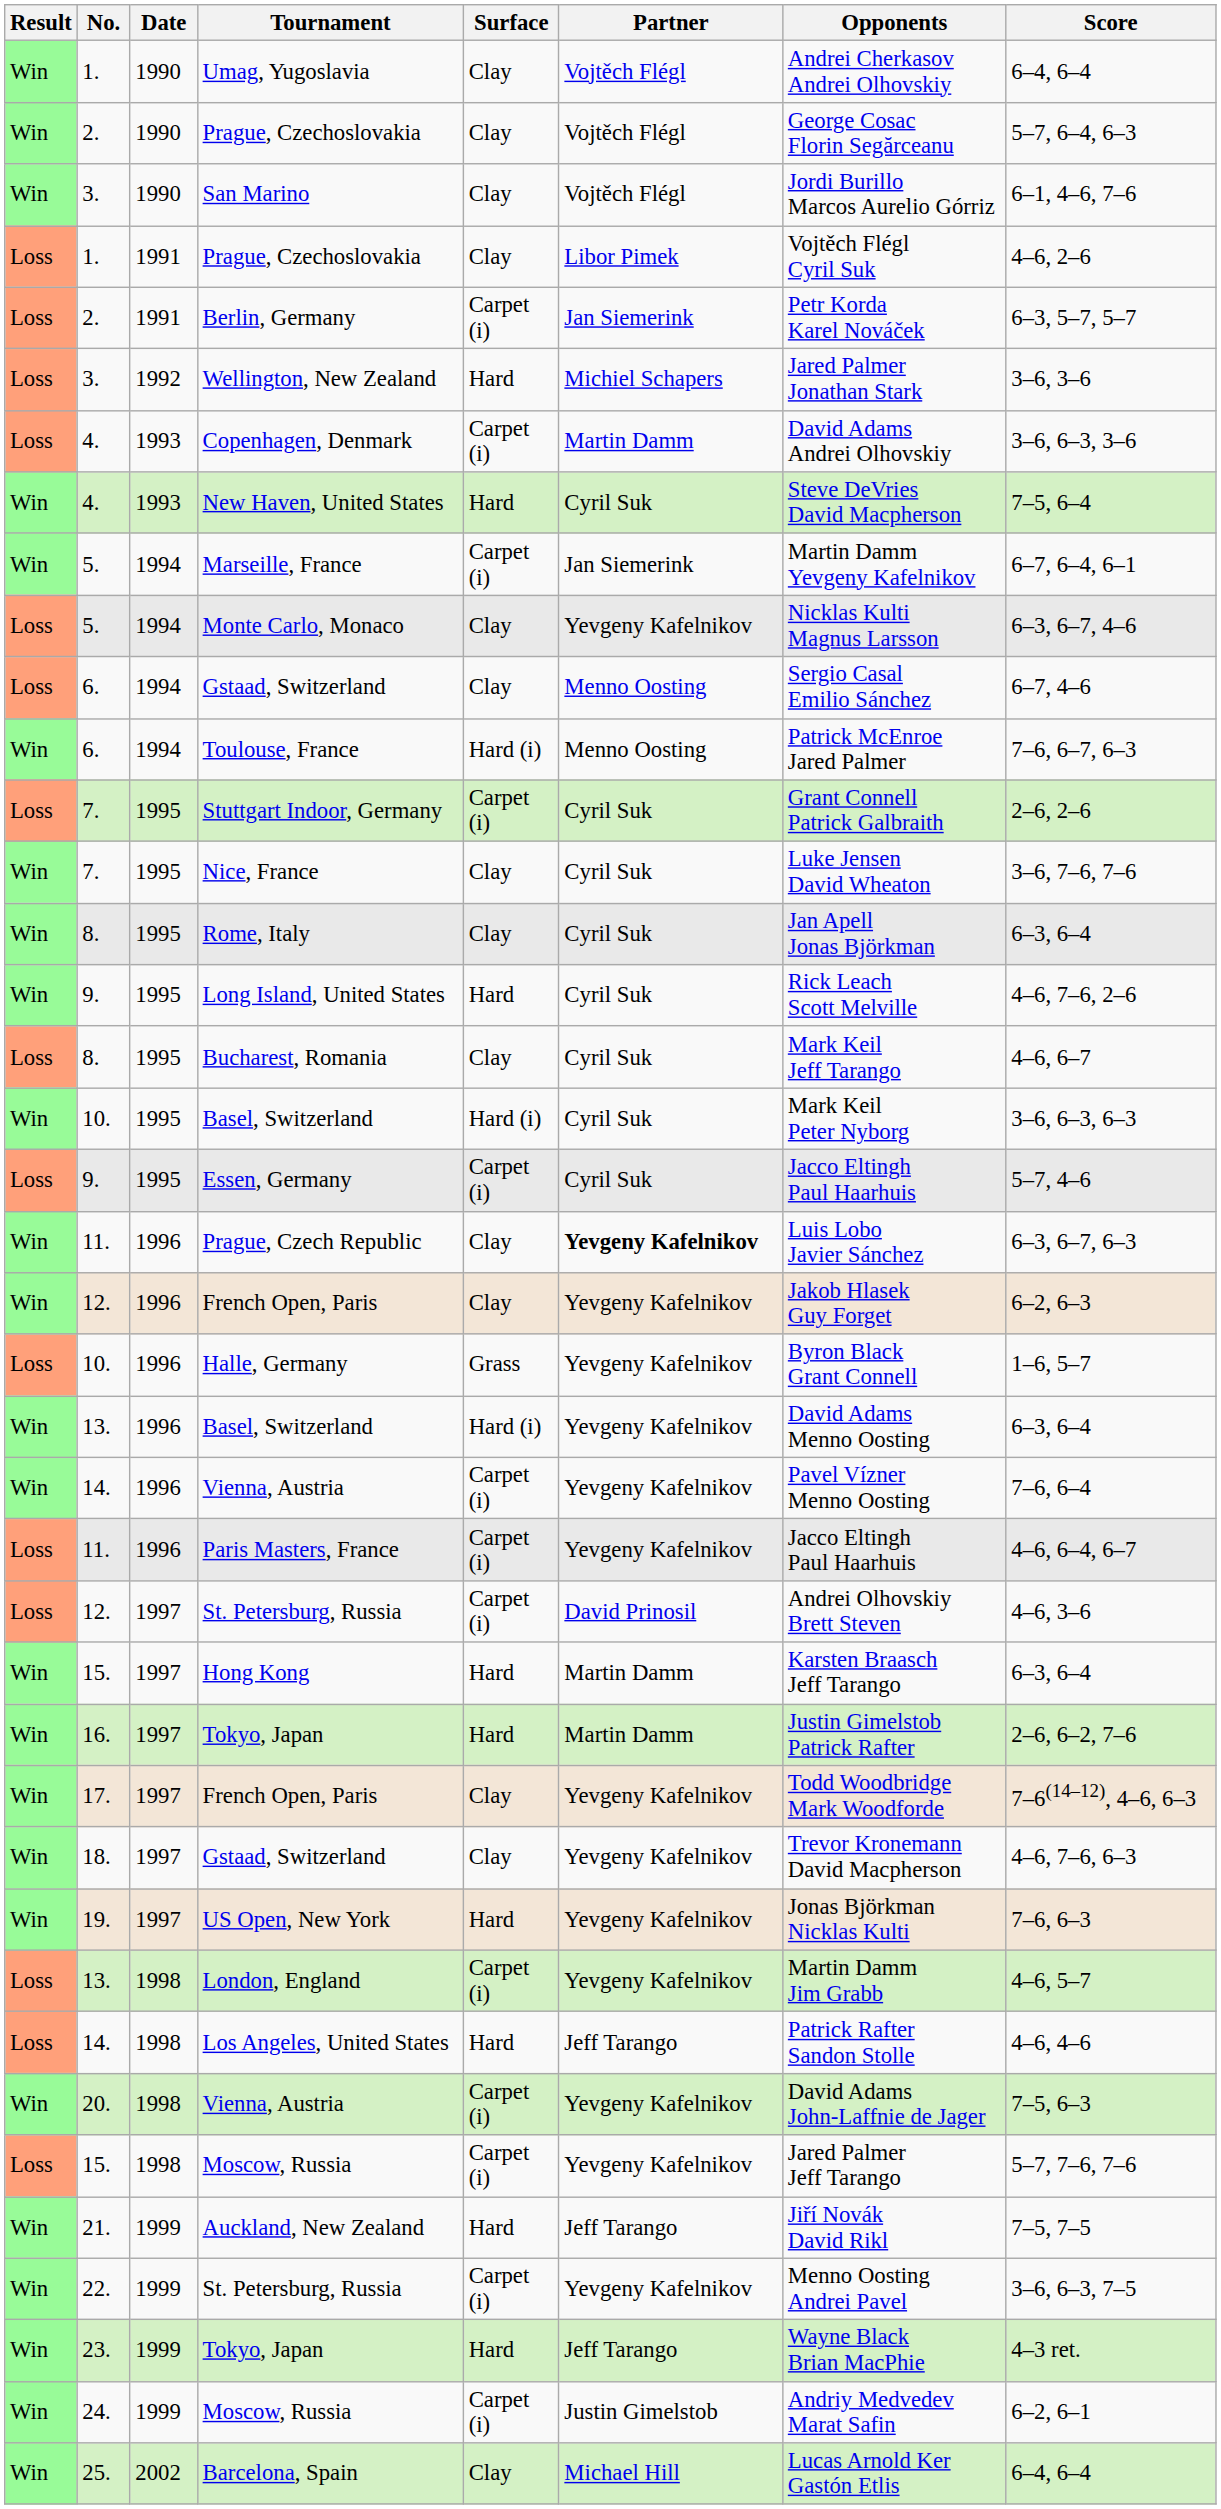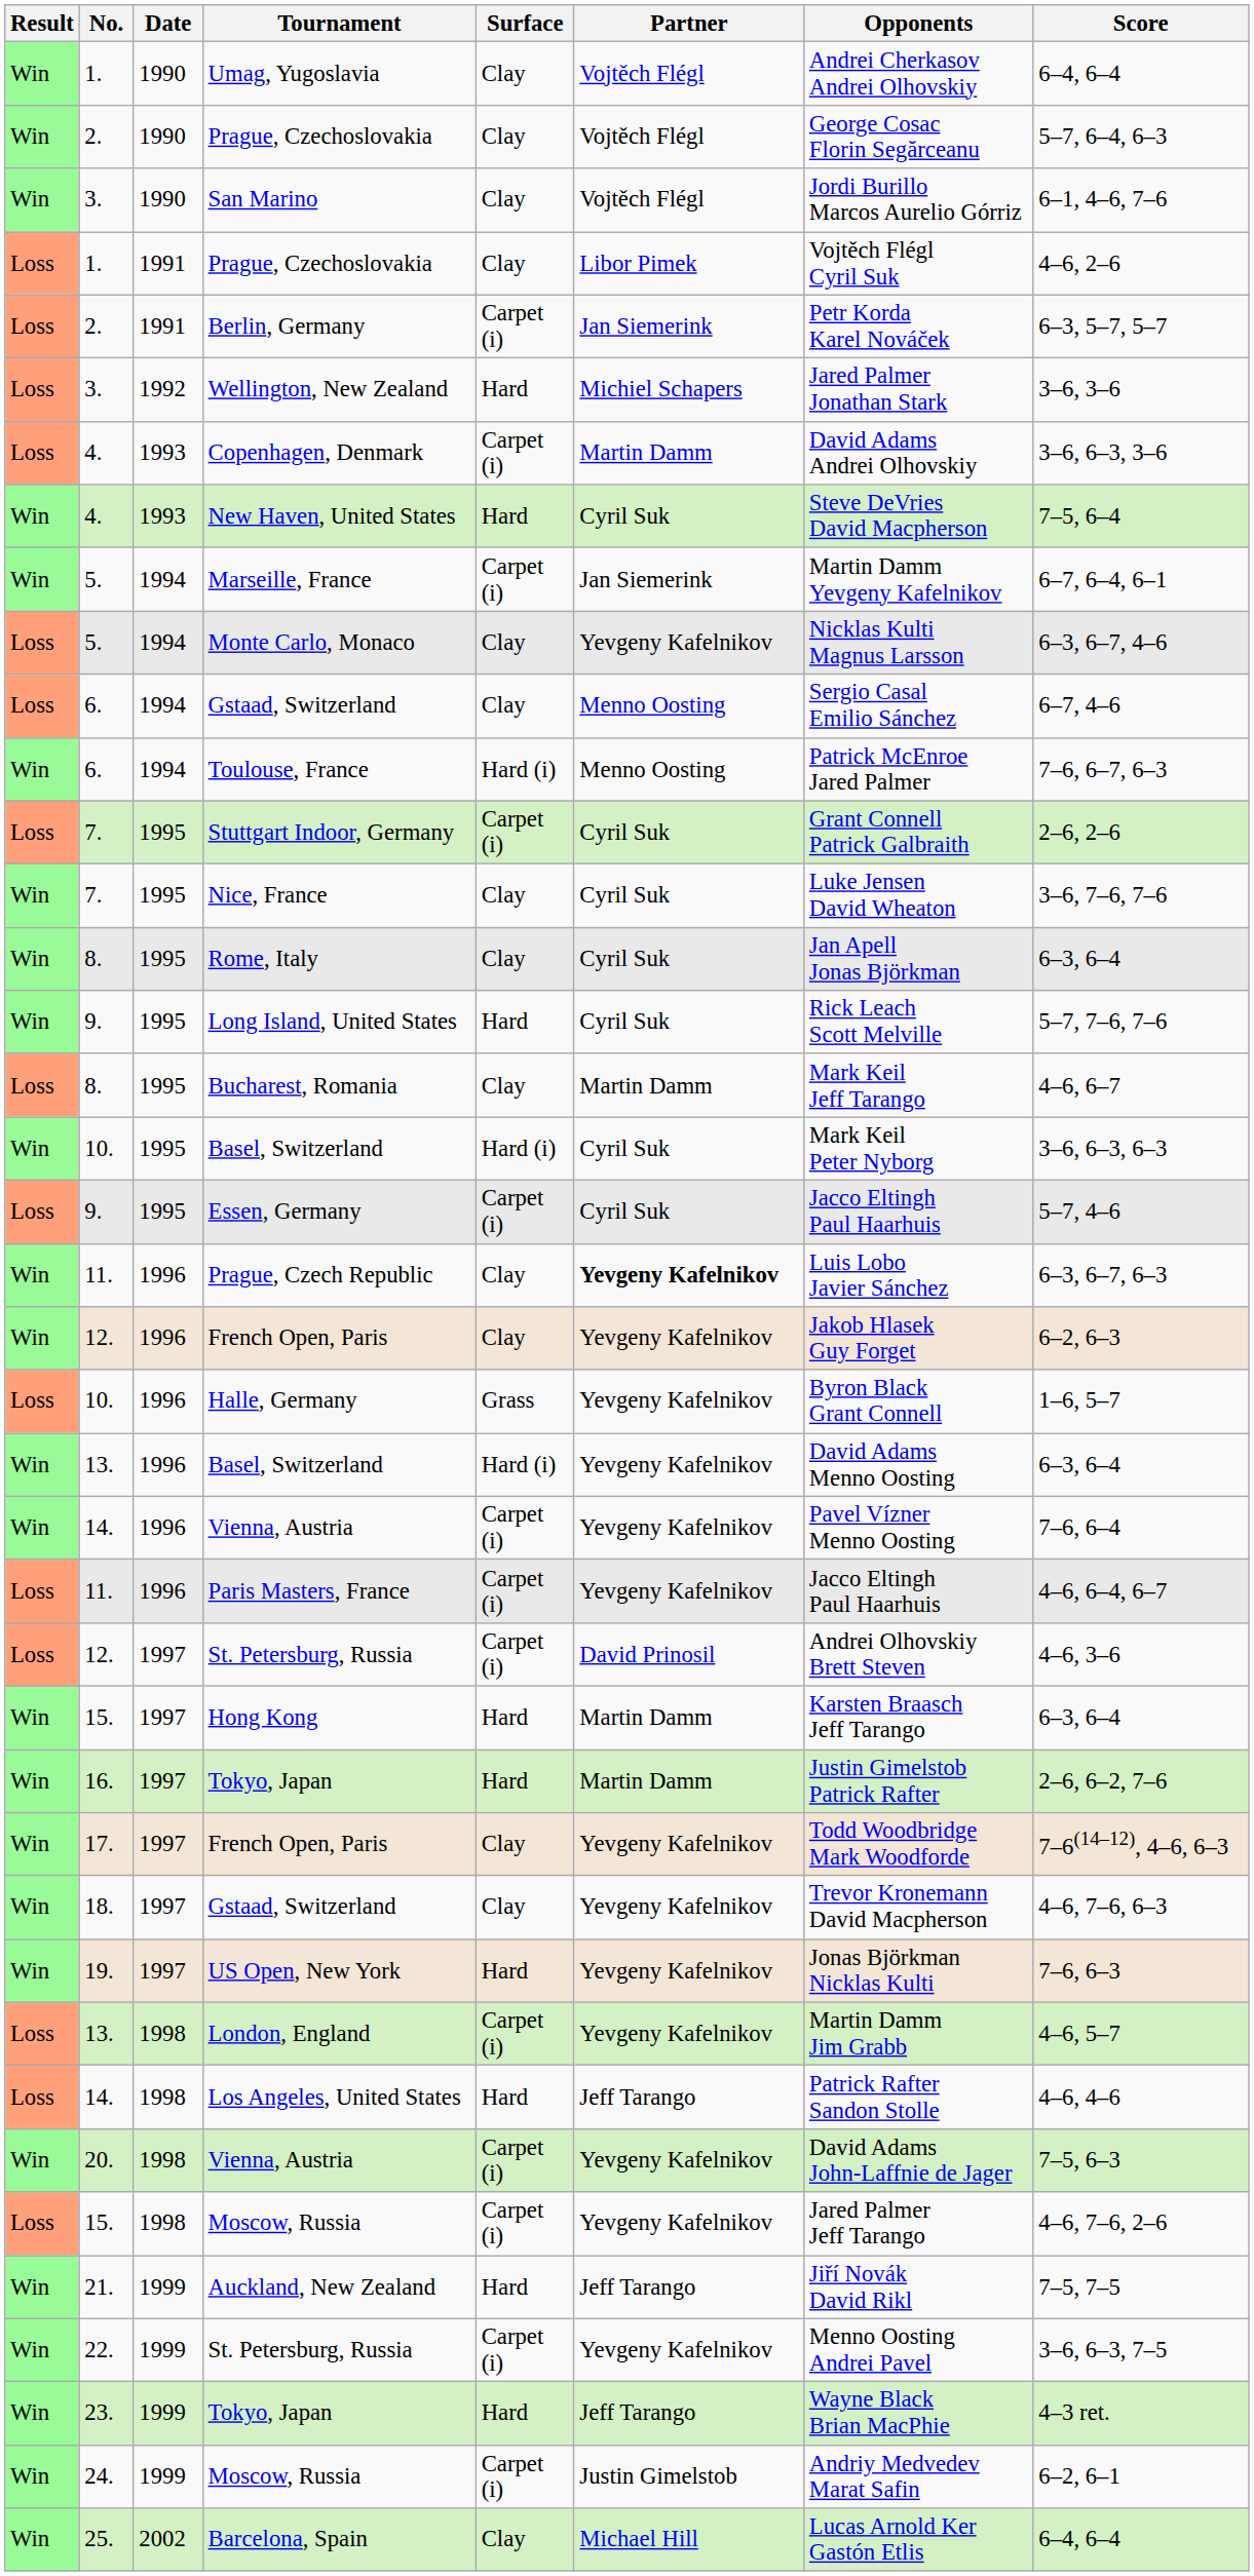 <table class="sortable wikitable">
 <tr>
 <th style="width:40px">Result</th>
 <th style="width:30px">No.</th>
 <th style="width:40px">Date</th>
 <th style="width:180px">Tournament</th>
 <th style="width:60px">Surface</th>
 <th style="width:150px">Partner</th>
 <th style="width:150px">Opponents</th>
 <th style="width:140px" class="unsortable">Score</th>
 </tr>
 <tr>
 <td style="background:#98fb98;">Win</td>
 <td>1.</td>
 <td>1990</td>
 <td><a href='#'>Umag</a>, Yugoslavia</td>
 <td>Clay</td>
 <td> <a href='#'>Vojtěch Flégl</a></td>
 <td> <a href='#'>Andrei Cherkasov</a> <br>  <a href='#'>Andrei Olhovskiy</a></td>
 <td>6–4, 6–4</td>
 </tr>
 <tr>
 <td style="background:#98fb98;">Win</td>
 <td>2.</td>
 <td>1990</td>
 <td><a href='#'>Prague</a>, Czechoslovakia</td>
 <td>Clay</td>
 <td> Vojtěch Flégl</td>
 <td> <a href='#'>George Cosac</a> <br>  <a href='#'>Florin Segărceanu</a></td>
 <td>5–7, 6–4, 6–3</td>
 </tr>
 <tr>
 <td style="background:#98fb98;">Win</td>
 <td>3.</td>
 <td>1990</td>
 <td><a href='#'>San Marino</a></td>
 <td>Clay</td>
 <td> Vojtěch Flégl</td>
 <td> <a href='#'>Jordi Burillo</a> <br>  Marcos Aurelio Górriz</td>
 <td>6–1, 4–6, 7–6</td>
 </tr>
 <tr>
 <td style="background:#ffa07a;">Loss</td>
 <td>1.</td>
 <td>1991</td>
 <td><a href='#'>Prague</a>, Czechoslovakia</td>
 <td>Clay</td>
 <td> <a href='#'>Libor Pimek</a></td>
 <td> Vojtěch Flégl <br>  <a href='#'>Cyril Suk</a></td>
 <td>4–6, 2–6</td>
 </tr>
 <tr>
 <td style="background:#ffa07a;">Loss</td>
 <td>2.</td>
 <td>1991</td>
 <td><a href='#'>Berlin</a>, Germany</td>
 <td>Carpet (i)</td>
 <td> <a href='#'>Jan Siemerink</a></td>
 <td> <a href='#'>Petr Korda</a> <br>  <a href='#'>Karel Nováček</a></td>
 <td>6–3, 5–7, 5–7</td>
 </tr>
 <tr>
 <td style="background:#ffa07a;">Loss</td>
 <td>3.</td>
 <td>1992</td>
 <td><a href='#'>Wellington</a>, New Zealand</td>
 <td>Hard</td>
 <td> <a href='#'>Michiel Schapers</a></td>
 <td> <a href='#'>Jared Palmer</a> <br>  <a href='#'>Jonathan Stark</a></td>
 <td>3–6, 3–6</td>
 </tr>
 <tr>
 <td style="background:#ffa07a;">Loss</td>
 <td>4.</td>
 <td>1993</td>
 <td><a href='#'>Copenhagen</a>, Denmark</td>
 <td>Carpet (i)</td>
 <td> <a href='#'>Martin Damm</a></td>
 <td> <a href='#'>David Adams</a> <br>  Andrei Olhovskiy</td>
 <td>3–6, 6–3, 3–6</td>
 </tr>
 <tr style="background:#d4f1c5;">
 <td style="background:#98fb98;">Win</td>
 <td>4.</td>
 <td>1993</td>
 <td><a href='#'>New Haven</a>, United States</td>
 <td>Hard</td>
 <td> Cyril Suk</td>
 <td> <a href='#'>Steve DeVries</a> <br>  <a href='#'>David Macpherson</a></td>
 <td>7–5, 6–4</td>
 </tr>
 <tr>
 <td style="background:#98fb98;">Win</td>
 <td>5.</td>
 <td>1994</td>
 <td><a href='#'>Marseille</a>, France</td>
 <td>Carpet (i)</td>
 <td> Jan Siemerink</td>
 <td> Martin Damm <br>  <a href='#'>Yevgeny Kafelnikov</a></td>
 <td>6–7, 6–4, 6–1</td>
 </tr>
 <tr style="background:#e9e9e9;">
 <td style="background:#ffa07a;">Loss</td>
 <td>5.</td>
 <td>1994</td>
 <td><a href='#'>Monte Carlo</a>, Monaco</td>
 <td>Clay</td>
 <td> Yevgeny Kafelnikov</td>
 <td> <a href='#'>Nicklas Kulti</a> <br>  <a href='#'>Magnus Larsson</a></td>
 <td>6–3, 6–7, 4–6</td>
 </tr>
 <tr>
 <td style="background:#ffa07a;">Loss</td>
 <td>6.</td>
 <td>1994</td>
 <td><a href='#'>Gstaad</a>, Switzerland</td>
 <td>Clay</td>
 <td> <a href='#'>Menno Oosting</a></td>
 <td> <a href='#'>Sergio Casal</a> <br>  <a href='#'>Emilio Sánchez</a></td>
 <td>6–7, 4–6</td>
 </tr>
 <tr>
 <td style="background:#98fb98;">Win</td>
 <td>6.</td>
 <td>1994</td>
 <td><a href='#'>Toulouse</a>, France</td>
 <td>Hard (i)</td>
 <td> Menno Oosting</td>
 <td> <a href='#'>Patrick McEnroe</a> <br>  Jared Palmer</td>
 <td>7–6, 6–7, 6–3</td>
 </tr>
 <tr style="background:#d4f1c5;">
 <td style="background:#ffa07a;">Loss</td>
 <td>7.</td>
 <td>1995</td>
 <td><a href='#'>Stuttgart Indoor</a>, Germany</td>
 <td>Carpet (i)</td>
 <td> Cyril Suk</td>
 <td> <a href='#'>Grant Connell</a> <br>  <a href='#'>Patrick Galbraith</a></td>
 <td>2–6, 2–6</td>
 </tr>
 <tr>
 <td style="background:#98fb98;">Win</td>
 <td>7.</td>
 <td>1995</td>
 <td><a href='#'>Nice</a>, France</td>
 <td>Clay</td>
 <td> Cyril Suk</td>
 <td> <a href='#'>Luke Jensen</a> <br>  <a href='#'>David Wheaton</a></td>
 <td>3–6, 7–6, 7–6</td>
 </tr>
 <tr style="background:#e9e9e9;">
 <td style="background:#98fb98;">Win</td>
 <td>8.</td>
 <td>1995</td>
 <td><a href='#'>Rome</a>, Italy</td>
 <td>Clay</td>
 <td> Cyril Suk</td>
 <td> <a href='#'>Jan Apell</a> <br>  <a href='#'>Jonas Björkman</a></td>
 <td>6–3, 6–4</td>
 </tr>
 <tr>
 <td style="background:#98fb98;">Win</td>
 <td>9.</td>
 <td>1995</td>
 <td><a href='#'>Long Island</a>, United States</td>
 <td>Hard</td>
 <td> Cyril Suk</td>
 <td> <a href='#'>Rick Leach</a> <br>  <a href='#'>Scott Melville</a></td>
-<td>4–6, 7–6, 2–6</td>
+<td>5–7, 7–6, 7–6</td>
 </tr>
 <tr>
 <td style="background:#ffa07a;">Loss</td>
 <td>8.</td>
 <td>1995</td>
 <td><a href='#'>Bucharest</a>, Romania</td>
 <td>Clay</td>
-<td> Cyril Suk</td>
+<td> Martin Damm</td>
 <td> <a href='#'>Mark Keil</a> <br>  <a href='#'>Jeff Tarango</a></td>
 <td>4–6, 6–7</td>
 </tr>
 <tr>
 <td style="background:#98fb98;">Win</td>
 <td>10.</td>
 <td>1995</td>
 <td><a href='#'>Basel</a>, Switzerland</td>
 <td>Hard (i)</td>
 <td> Cyril Suk</td>
 <td> Mark Keil <br>  <a href='#'>Peter Nyborg</a></td>
 <td>3–6, 6–3, 6–3</td>
 </tr>
 <tr style="background:#e9e9e9;">
 <td style="background:#ffa07a;">Loss</td>
 <td>9.</td>
 <td>1995</td>
 <td><a href='#'>Essen</a>, Germany</td>
 <td>Carpet (i)</td>
 <td> Cyril Suk</td>
 <td> <a href='#'>Jacco Eltingh</a> <br>  <a href='#'>Paul Haarhuis</a></td>
 <td>5–7, 4–6</td>
 </tr>
 <tr>
 <td style="background:#98fb98;">Win</td>
 <td>11.</td>
 <td>1996</td>
 <td><a href='#'>Prague</a>, Czech Republic</td>
 <td>Clay</td>
 <td><strong> Yevgeny Kafelnikov</strong></td>
 <td> <a href='#'>Luis Lobo</a> <br>  <a href='#'>Javier Sánchez</a></td>
 <td>6–3, 6–7, 6–3</td>
 </tr>
 <tr style="background:#f3e6d7;">
 <td style="background:#98fb98;">Win</td>
 <td>12.</td>
 <td>1996</td>
 <td>French Open, Paris</td>
 <td>Clay</td>
 <td> Yevgeny Kafelnikov</td>
 <td> <a href='#'>Jakob Hlasek</a> <br>  <a href='#'>Guy Forget</a></td>
 <td>6–2, 6–3</td>
 </tr>
 <tr>
 <td style="background:#ffa07a;">Loss</td>
 <td>10.</td>
 <td>1996</td>
 <td><a href='#'>Halle</a>, Germany</td>
 <td>Grass</td>
 <td> Yevgeny Kafelnikov</td>
 <td> <a href='#'>Byron Black</a> <br>  <a href='#'>Grant Connell</a></td>
 <td>1–6, 5–7</td>
 </tr>
 <tr>
 <td style="background:#98fb98;">Win</td>
 <td>13.</td>
 <td>1996</td>
 <td><a href='#'>Basel</a>, Switzerland</td>
 <td>Hard (i)</td>
 <td> Yevgeny Kafelnikov</td>
 <td> <a href='#'>David Adams</a> <br>  Menno Oosting</td>
 <td>6–3, 6–4</td>
 </tr>
 <tr>
 <td style="background:#98fb98;">Win</td>
 <td>14.</td>
 <td>1996</td>
 <td><a href='#'>Vienna</a>, Austria</td>
 <td>Carpet (i)</td>
 <td> Yevgeny Kafelnikov</td>
 <td> <a href='#'>Pavel Vízner</a> <br>  Menno Oosting</td>
 <td>7–6, 6–4</td>
 </tr>
 <tr style="background:#e9e9e9;">
 <td style="background:#ffa07a;">Loss</td>
 <td>11.</td>
 <td>1996</td>
 <td><a href='#'>Paris Masters</a>, France</td>
 <td>Carpet (i)</td>
 <td> Yevgeny Kafelnikov</td>
 <td> Jacco Eltingh <br>  Paul Haarhuis</td>
 <td>4–6, 6–4, 6–7</td>
 </tr>
 <tr>
 <td style="background:#ffa07a;">Loss</td>
 <td>12.</td>
 <td>1997</td>
 <td><a href='#'>St. Petersburg</a>, Russia</td>
 <td>Carpet (i)</td>
 <td> <a href='#'>David Prinosil</a></td>
 <td> Andrei Olhovskiy <br>  <a href='#'>Brett Steven</a></td>
 <td>4–6, 3–6</td>
 </tr>
 <tr>
 <td style="background:#98fb98;">Win</td>
 <td>15.</td>
 <td>1997</td>
 <td><a href='#'>Hong Kong</a></td>
 <td>Hard</td>
 <td> Martin Damm</td>
 <td> <a href='#'>Karsten Braasch</a> <br>  Jeff Tarango</td>
 <td>6–3, 6–4</td>
 </tr>
 <tr style="background:#d4f1c5;">
 <td style="background:#98fb98;">Win</td>
 <td>16.</td>
 <td>1997</td>
 <td><a href='#'>Tokyo</a>, Japan</td>
 <td>Hard</td>
 <td> Martin Damm</td>
 <td> <a href='#'>Justin Gimelstob</a> <br>  <a href='#'>Patrick Rafter</a></td>
 <td>2–6, 6–2, 7–6</td>
 </tr>
 <tr style="background:#f3e6d7;">
 <td style="background:#98fb98;">Win</td>
 <td>17.</td>
 <td>1997</td>
 <td>French Open, Paris</td>
 <td>Clay</td>
 <td> Yevgeny Kafelnikov</td>
 <td> <a href='#'>Todd Woodbridge</a> <br>  <a href='#'>Mark Woodforde</a></td>
 <td>7–6<sup>(14–12)</sup>, 4–6, 6–3</td>
 </tr>
 <tr>
 <td style="background:#98fb98;">Win</td>
 <td>18.</td>
 <td>1997</td>
 <td><a href='#'>Gstaad</a>, Switzerland</td>
 <td>Clay</td>
 <td> Yevgeny Kafelnikov</td>
 <td> <a href='#'>Trevor Kronemann</a> <br> David Macpherson</td>
 <td>4–6, 7–6, 6–3</td>
 </tr>
 <tr style="background:#f3e6d7;">
 <td style="background:#98fb98;">Win</td>
 <td>19.</td>
 <td>1997</td>
 <td><a href='#'>US Open</a>, New York</td>
 <td>Hard</td>
 <td> Yevgeny Kafelnikov</td>
 <td> Jonas Björkman <br>  <a href='#'>Nicklas Kulti</a></td>
 <td>7–6, 6–3</td>
 </tr>
 <tr style="background:#d4f1c5;">
 <td style="background:#ffa07a;">Loss</td>
 <td>13.</td>
 <td>1998</td>
 <td><a href='#'>London</a>, England</td>
 <td>Carpet (i)</td>
 <td> Yevgeny Kafelnikov</td>
 <td> Martin Damm <br>  <a href='#'>Jim Grabb</a></td>
 <td>4–6, 5–7</td>
 </tr>
 <tr>
 <td style="background:#ffa07a;">Loss</td>
 <td>14.</td>
 <td>1998</td>
 <td><a href='#'>Los Angeles</a>, United States</td>
 <td>Hard</td>
 <td> Jeff Tarango</td>
 <td> <a href='#'>Patrick Rafter</a> <br>  <a href='#'>Sandon Stolle</a></td>
 <td>4–6, 4–6</td>
 </tr>
 <tr style="background:#d4f1c5;">
 <td style="background:#98fb98;">Win</td>
 <td>20.</td>
 <td>1998</td>
 <td><a href='#'>Vienna</a>, Austria</td>
 <td>Carpet (i)</td>
 <td> Yevgeny Kafelnikov</td>
 <td> David Adams <br>  <a href='#'>John-Laffnie de Jager</a></td>
 <td>7–5, 6–3</td>
 </tr>
 <tr>
 <td style="background:#ffa07a;">Loss</td>
 <td>15.</td>
 <td>1998</td>
 <td><a href='#'>Moscow</a>, Russia</td>
 <td>Carpet (i)</td>
 <td> Yevgeny Kafelnikov</td>
 <td> Jared Palmer <br>  Jeff Tarango</td>
-<td>5–7, 7–6, 7–6</td>
+<td>4–6, 7–6, 2–6</td>
 </tr>
 <tr>
 <td style="background:#98fb98;">Win</td>
 <td>21.</td>
 <td>1999</td>
 <td><a href='#'>Auckland</a>, New Zealand</td>
 <td>Hard</td>
 <td> Jeff Tarango</td>
 <td> <a href='#'>Jiří Novák</a> <br>  <a href='#'>David Rikl</a></td>
 <td>7–5, 7–5</td>
 </tr>
 <tr>
 <td style="background:#98fb98;">Win</td>
 <td>22.</td>
 <td>1999</td>
 <td>St. Petersburg, Russia</td>
 <td>Carpet (i)</td>
 <td> Yevgeny Kafelnikov</td>
 <td> Menno Oosting <br>  <a href='#'>Andrei Pavel</a></td>
 <td>3–6, 6–3, 7–5</td>
 </tr>
 <tr style="background:#d4f1c5;">
 <td style="background:#98fb98;">Win</td>
 <td>23.</td>
 <td>1999</td>
 <td><a href='#'>Tokyo</a>, Japan</td>
 <td>Hard</td>
 <td> Jeff Tarango</td>
 <td> <a href='#'>Wayne Black</a> <br>  <a href='#'>Brian MacPhie</a></td>
 <td>4–3 ret.</td>
 </tr>
 <tr>
 <td style="background:#98fb98;">Win</td>
 <td>24.</td>
 <td>1999</td>
 <td><a href='#'>Moscow</a>, Russia</td>
 <td>Carpet (i)</td>
 <td> Justin Gimelstob</td>
 <td> <a href='#'>Andriy Medvedev</a> <br>  <a href='#'>Marat Safin</a></td>
 <td>6–2, 6–1</td>
 </tr>
 <tr style="background:#d4f1c5;">
 <td style="background:#98fb98;">Win</td>
 <td>25.</td>
 <td>2002</td>
 <td><a href='#'>Barcelona</a>, Spain</td>
 <td>Clay</td>
 <td> <a href='#'>Michael Hill</a></td>
 <td> <a href='#'>Lucas Arnold Ker</a> <br>  <a href='#'>Gastón Etlis</a></td>
 <td>6–4, 6–4</td>
 </tr>
 </table>
